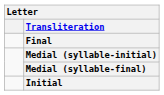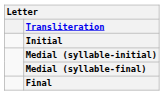 <table class="wikitable" style="text-align: center; display: inline-table;">
 <tr>
 <th colspan="2" style="text-align: left">Letter</th>
 </tr>
 <tr>
 <th style="min-width: 1.75em"></th>
 <th style="text-align: left"><a href='#'>Transliteration</a></th>
 </tr>
 <tr>
 <td></td>
-<th style="text-align: left">Final</th>
+<th style="text-align: left">Initial</th>
 </tr>
 <tr>
 <td rowspan="2"></td>
 <th style="text-align: left">Medial (syllable-initial)</th>
 </tr>
 <tr>
 <th style="text-align: left">Medial (syllable-final)</th>
 </tr>
 <tr>
 <td></td>
-<th style="text-align: left">Initial</th>
+<th style="text-align: left">Final</th>
 </tr>
 </table>
